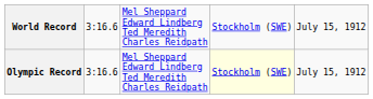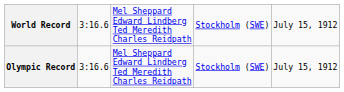 <table class="wikitable" style="text-align:left">
 <tr>
 <th>World Record</th>
 <td>3:16.6</td>
 <td> <a href='#'>Mel Sheppard</a><br> <a href='#'>Edward Lindberg</a><br> <a href='#'>Ted Meredith</a><br> <a href='#'>Charles Reidpath</a></td>
 <td><a href='#'>Stockholm</a> (<a href='#'>SWE</a>)</td>
 <td>July 15, 1912</td>
 </tr>
 <tr>
 <th>Olympic Record</th>
 <td>3:16.6</td>
 <td> <a href='#'>Mel Sheppard</a><br> <a href='#'>Edward Lindberg</a><br> <a href='#'>Ted Meredith</a><br> <a href='#'>Charles Reidpath</a></td>
-<td style="background: lightyellow;"><a href='#'>Stockholm</a> (<a href='#'>SWE</a>)</td>
+<td><a href='#'>Stockholm</a> (<a href='#'>SWE</a>)</td>
 <td>July 15, 1912</td>
 </tr>
 </table>
